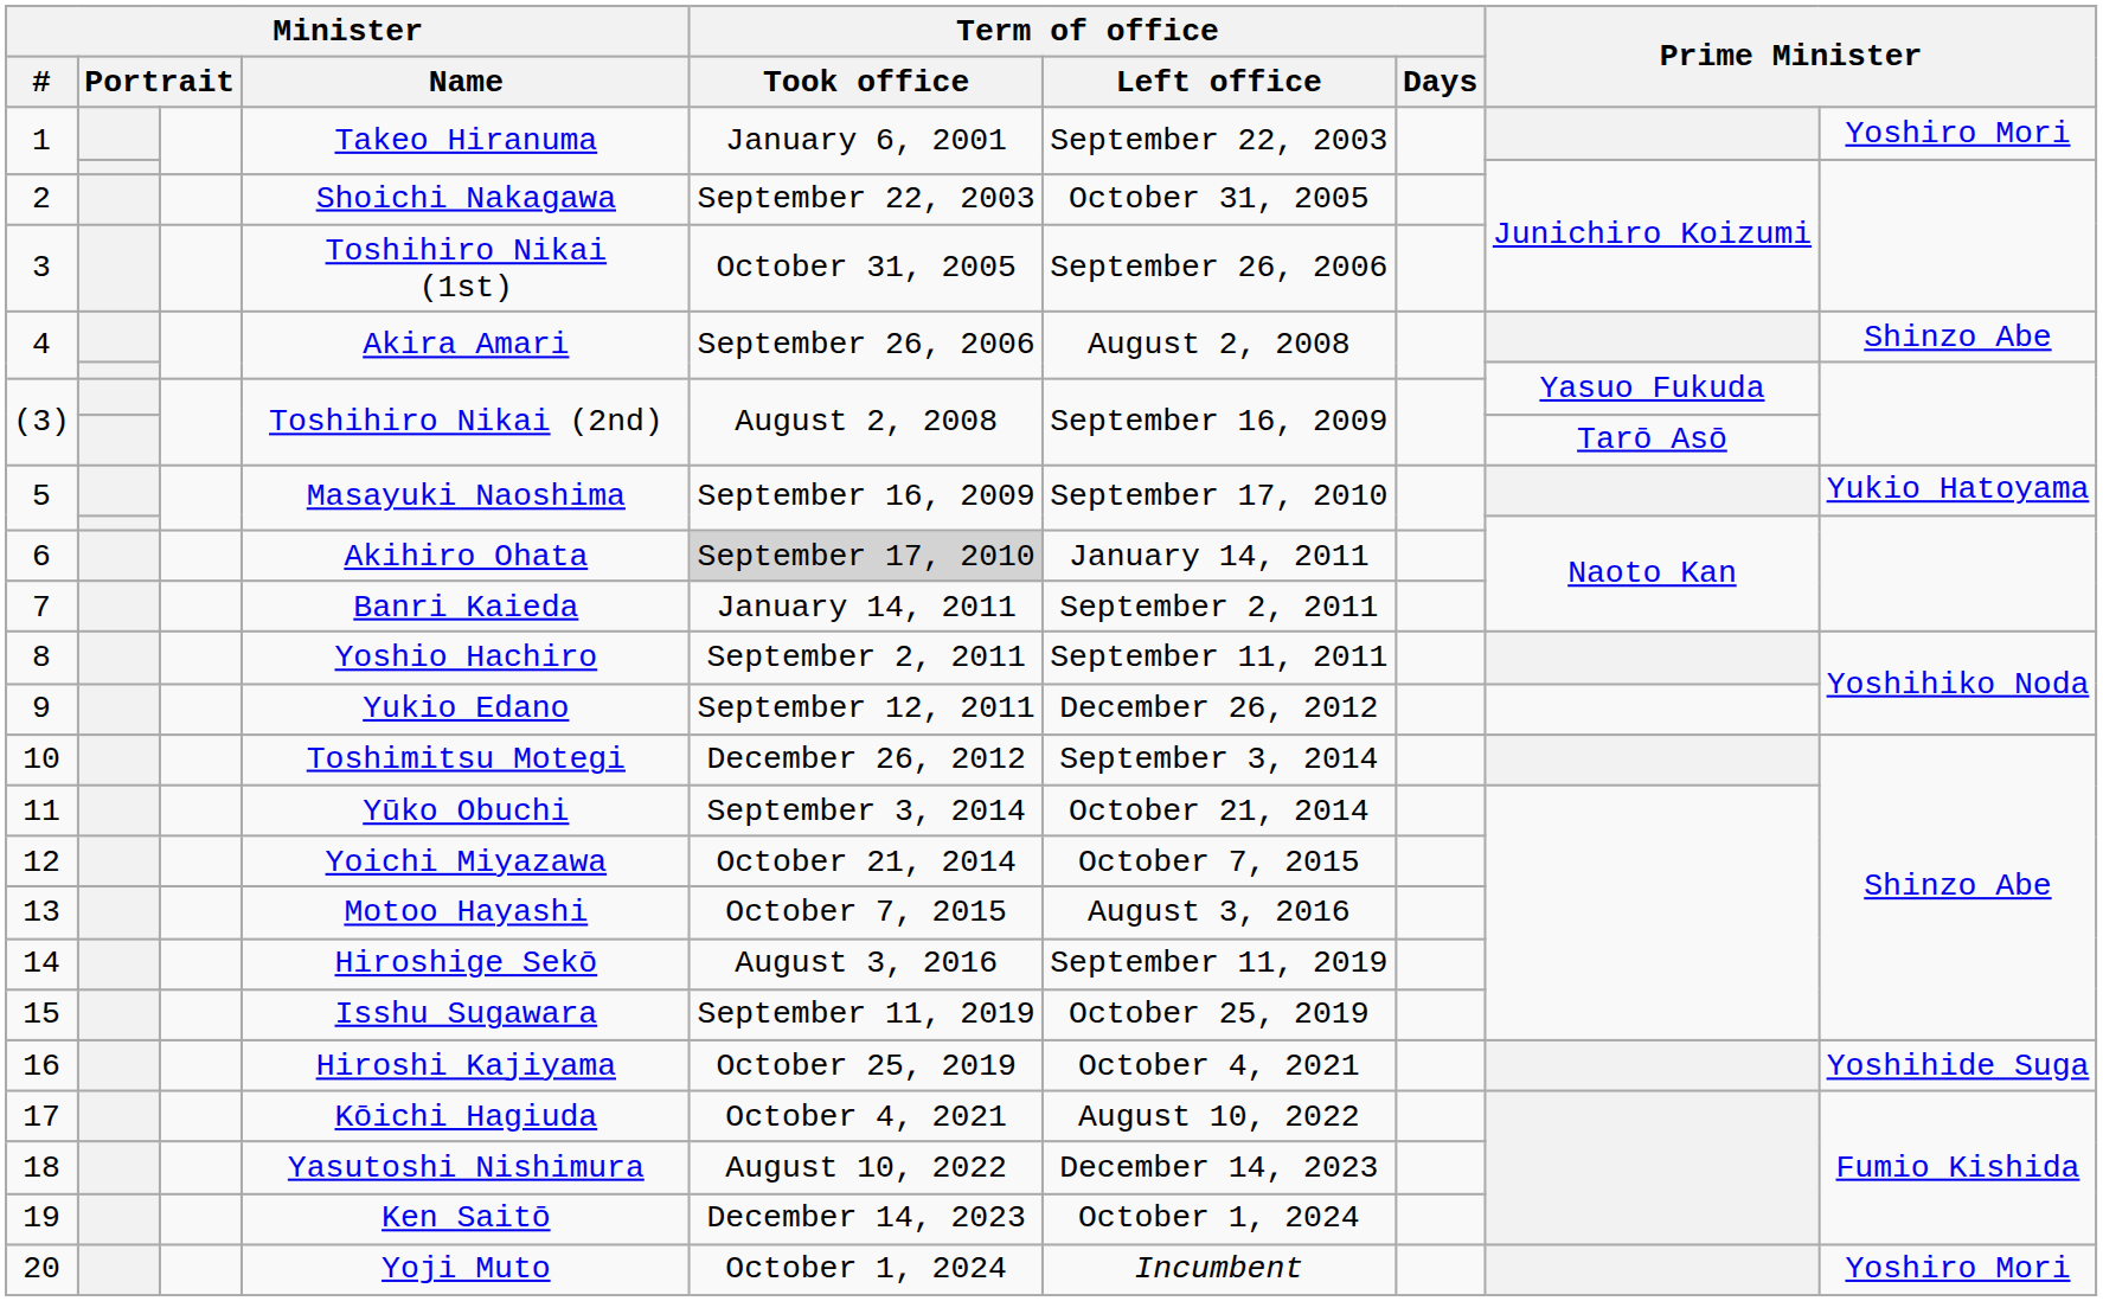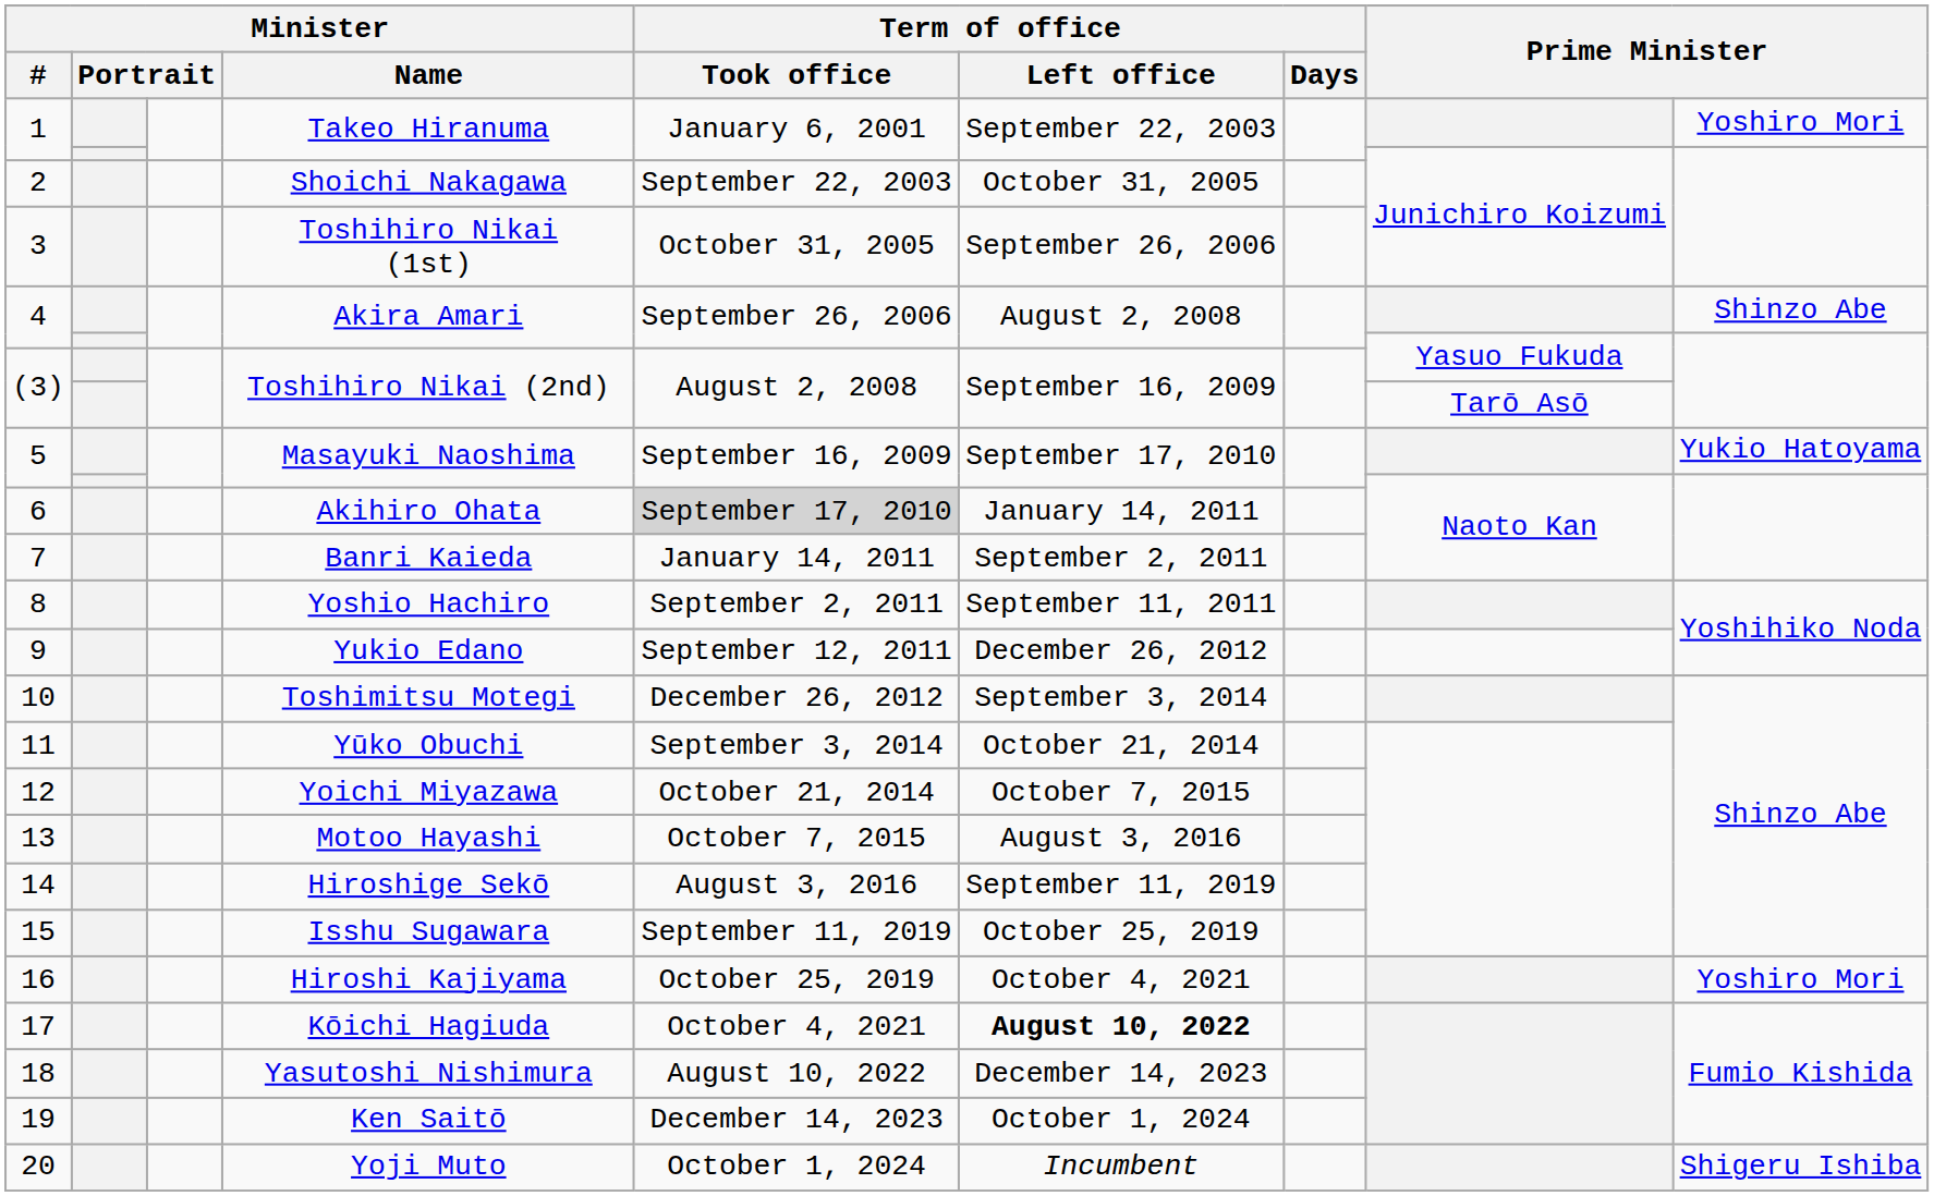 <table class="wikitable"  style="text-align:center">
 <tr>
 <th colspan=4>Minister</th>
 <th colspan=3>Term of office</th>
 <th style="width:180px;" rowspan=2 colspan=2>Prime Minister</th>
 </tr>
 <tr>
 <th>#</th>
 <th colspan=2>Portrait</th>
 <th width=180px>Name</th>
 <th>Took office</th>
 <th>Left office</th>
 <th>Days</th>
 </tr>
 <tr>
 <td rowspan=2>1</td>
 <th style="background-color: "></th>
 <td rowspan=2></td>
 <td rowspan=2><a href='#'>Takeo Hiranuma</a></td>
 <td rowspan=2>January 6, 2001</td>
 <td rowspan=2>September 22, 2003</td>
 <td rowspan=2></td>
 <th style="background-color: "></th>
 <td><a href='#'>Yoshiro Mori</a></td>
 </tr>
 <tr>
 <th style="background-color: "></th>
 <td rowspan=3><a href='#'>Junichiro Koizumi</a></td>
 </tr>
 <tr>
 <td>2</td>
 <th style="background-color: "></th>
 <td></td>
 <td><a href='#'>Shoichi Nakagawa</a></td>
 <td>September 22, 2003</td>
 <td>October 31, 2005</td>
 <td></td>
 </tr>
 <tr>
 <td>3</td>
 <th style="background-color: "></th>
 <td></td>
 <td><a href='#'>Toshihiro Nikai</a> <br> (1st)</td>
 <td>October 31, 2005</td>
 <td>September 26, 2006</td>
 <td></td>
 </tr>
 <tr>
 <td rowspan=2>4</td>
 <th style="background-color: "></th>
 <td rowspan=2></td>
 <td rowspan=2><a href='#'>Akira Amari</a></td>
 <td rowspan=2>September 26, 2006</td>
 <td rowspan=2>August 2, 2008</td>
 <td rowspan=2></td>
 <th style="background-color: "></th>
 <td><a href='#'>Shinzo Abe</a> <br></td>
 </tr>
 <tr>
 <th style="background-color: "></th>
 <td rowspan=2><a href='#'>Yasuo Fukuda</a></td>
 </tr>
 <tr>
 <td rowspan=2>(3)</td>
 <th style="background-color: "></th>
 <td rowspan=2></td>
 <td rowspan=2><a href='#'>Toshihiro Nikai</a> (2nd)</td>
 <td rowspan=2>August 2, 2008</td>
 <td rowspan=2>September 16, 2009</td>
 <td rowspan=2></td>
 </tr>
 <tr>
 <th style="background-color: "></th>
 <td><a href='#'>Tarō Asō</a></td>
 </tr>
 <tr>
 <td rowspan=2>5</td>
 <th style="background-color: "></th>
 <td rowspan=2></td>
 <td rowspan=2><a href='#'>Masayuki Naoshima</a></td>
 <td rowspan=2>September 16, 2009</td>
 <td rowspan=2>September 17, 2010</td>
 <td rowspan=2></td>
 <th style="background-color: "></th>
 <td><a href='#'>Yukio Hatoyama</a></td>
 </tr>
 <tr>
 <th style="background-color: "></th>
 <td rowspan=3><a href='#'>Naoto Kan</a></td>
 </tr>
 <tr>
 <td>6</td>
 <th style="background-color: "></th>
 <td></td>
 <td><a href='#'>Akihiro Ohata</a></td>
 <td style="background: lightgrey;">September 17, 2010</td>
 <td>January 14, 2011</td>
 <td></td>
 </tr>
 <tr>
 <td>7</td>
 <th style="background-color: "></th>
 <td></td>
 <td><a href='#'>Banri Kaieda</a></td>
 <td>January 14, 2011</td>
 <td>September 2, 2011</td>
 <td></td>
 </tr>
 <tr>
 <td>8</td>
 <th style="background-color: "></th>
 <td></td>
 <td><a href='#'>Yoshio Hachiro</a></td>
 <td>September 2, 2011</td>
 <td>September 11, 2011</td>
 <td></td>
 <th style="background-color: "></th>
 <td rowspan=2><a href='#'>Yoshihiko Noda</a></td>
 </tr>
 <tr>
 <td>9</td>
 <th style="background-color: "></th>
 <td></td>
 <td><a href='#'>Yukio Edano</a></td>
 <td>September 12, 2011</td>
 <td>December 26, 2012</td>
 <td></td>
 </tr>
 <tr>
 <td>10</td>
 <th style="background-color: "></th>
 <td></td>
 <td><a href='#'>Toshimitsu Motegi</a></td>
 <td>December 26, 2012</td>
 <td>September 3, 2014</td>
 <td></td>
 <th style="background-color: "></th>
 <td rowspan=6><a href='#'>Shinzo Abe</a></td>
 </tr>
 <tr>
 <td>11</td>
 <th style="background-color: "></th>
 <td></td>
 <td><a href='#'>Yūko Obuchi</a></td>
 <td>September 3, 2014</td>
 <td>October 21, 2014</td>
 <td></td>
 </tr>
 <tr>
 <td>12</td>
 <th style="background-color: "></th>
 <td></td>
 <td><a href='#'>Yoichi Miyazawa</a></td>
 <td>October 21, 2014</td>
 <td>October 7, 2015</td>
 <td></td>
 </tr>
 <tr>
 <td>13</td>
 <th style="background-color: "></th>
 <td></td>
 <td><a href='#'>Motoo Hayashi</a></td>
 <td>October 7, 2015</td>
 <td>August 3, 2016</td>
 <td></td>
 </tr>
 <tr>
 <td>14</td>
 <th style="background-color: "></th>
 <td></td>
 <td><a href='#'>Hiroshige Sekō</a></td>
 <td>August 3, 2016</td>
 <td>September 11, 2019</td>
 <td></td>
 </tr>
 <tr>
 <td>15</td>
 <th style="background-color: "></th>
 <td></td>
 <td><a href='#'>Isshu Sugawara</a></td>
 <td>September 11, 2019</td>
 <td>October 25, 2019</td>
 <td></td>
 </tr>
 <tr>
 <td>16</td>
 <th style="background-color: "></th>
 <td></td>
 <td><a href='#'>Hiroshi Kajiyama</a></td>
 <td>October 25, 2019</td>
 <td>October 4, 2021</td>
 <td></td>
 <th style="background-color: "></th>
-<td><a href='#'>Yoshihide Suga</a></td>
+<td><a href='#'>Yoshiro Mori</a></td>
 </tr>
 <tr>
 <td>17</td>
 <th style="background-color: "></th>
 <td></td>
 <td><a href='#'>Kōichi Hagiuda</a></td>
 <td>October 4, 2021</td>
-<td>August 10, 2022</td>
+<td><strong>August 10, 2022</strong></td>
 <td></td>
 <th rowspan=3 style="background-color: "></th>
 <td rowspan=3><a href='#'>Fumio Kishida</a></td>
 </tr>
 <tr>
 <td>18</td>
 <th style="background-color: "></th>
 <td></td>
 <td><a href='#'>Yasutoshi Nishimura</a></td>
 <td>August 10, 2022</td>
 <td>December 14, 2023</td>
 <td></td>
 </tr>
 <tr>
 <td>19</td>
 <th style="background-color: "></th>
 <td></td>
 <td><a href='#'>Ken Saitō</a></td>
 <td>December 14, 2023</td>
 <td>October 1, 2024</td>
 <td></td>
 </tr>
 <tr>
 <td>20</td>
 <th style="background-color: "></th>
 <td></td>
 <td><a href='#'>Yoji Muto</a></td>
 <td>October 1, 2024</td>
 <td><em>Incumbent</em></td>
 <td></td>
 <th style="background-color: "></th>
-<td><a href='#'>Yoshiro Mori</a></td>
+<td><a href='#'>Shigeru Ishiba</a></td>
 </tr>
 </table>
